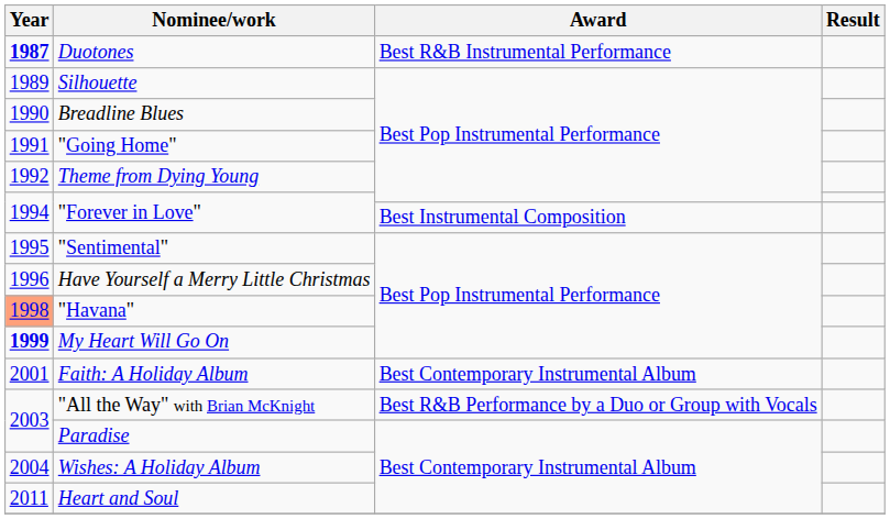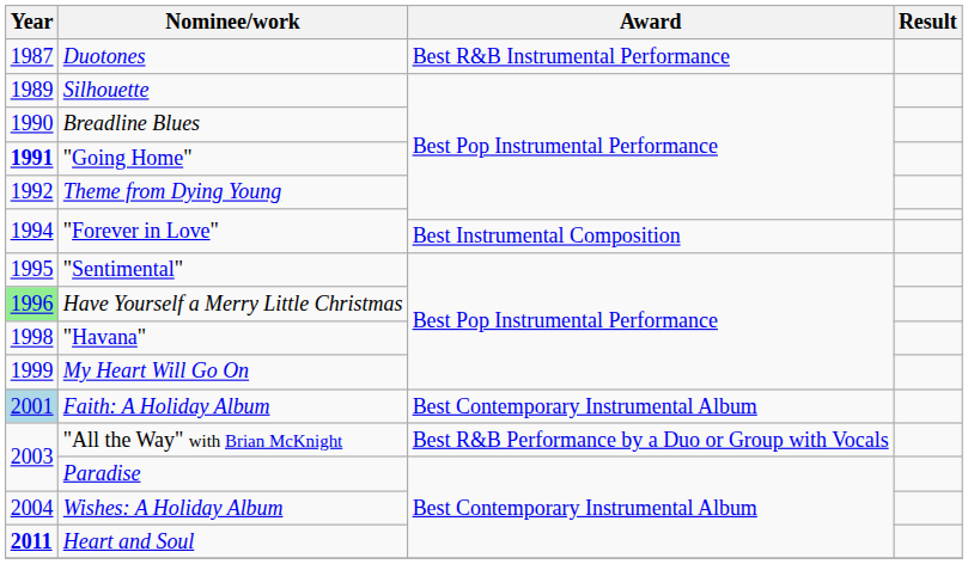 <table class="wikitable">
 <tr>
 <th>Year</th>
 <th>Nominee/work</th>
 <th>Award</th>
 <th>Result</th>
 </tr>
 <tr>
-<td><strong><a href='#'>1987</a></strong></td>
+<td><a href='#'>1987</a></td>
 <td><em><a href='#'>Duotones</a></em></td>
 <td><a href='#'>Best R&B Instrumental Performance</a></td>
 <td></td>
 </tr>
 <tr>
 <td><a href='#'>1989</a></td>
 <td><em><a href='#'>Silhouette</a></em></td>
 <td rowspan="5"><a href='#'>Best Pop Instrumental Performance</a></td>
 <td></td>
 </tr>
 <tr>
 <td><a href='#'>1990</a></td>
 <td><em>Breadline Blues</em></td>
 <td></td>
 </tr>
 <tr>
-<td><a href='#'>1991</a></td>
+<td><strong><a href='#'>1991</a></strong></td>
 <td>"<a href='#'>Going Home</a>"</td>
 <td></td>
 </tr>
 <tr>
 <td><a href='#'>1992</a></td>
 <td><em><a href='#'>Theme from Dying Young</a></em></td>
 <td></td>
 </tr>
 <tr>
 <td rowspan="2"><a href='#'>1994</a></td>
 <td rowspan="2">"<a href='#'>Forever in Love</a>"</td>
 <td></td>
 </tr>
 <tr>
 <td><a href='#'>Best Instrumental Composition</a></td>
 <td></td>
 </tr>
 <tr>
 <td><a href='#'>1995</a></td>
 <td>"<a href='#'>Sentimental</a>"</td>
 <td rowspan="4"><a href='#'>Best Pop Instrumental Performance</a></td>
 <td></td>
 </tr>
 <tr>
-<td><a href='#'>1996</a></td>
+<td style="background: lightgreen;"><a href='#'>1996</a></td>
 <td><em>Have Yourself a Merry Little Christmas</em></td>
 <td></td>
 </tr>
 <tr>
-<td style="background: lightsalmon;"><a href='#'>1998</a></td>
+<td><a href='#'>1998</a></td>
 <td>"<a href='#'>Havana</a>"</td>
 <td></td>
 </tr>
 <tr>
-<td><strong><a href='#'>1999</a></strong></td>
+<td><a href='#'>1999</a></td>
 <td><em><a href='#'>My Heart Will Go On</a></em></td>
 <td></td>
 </tr>
 <tr>
-<td><a href='#'>2001</a></td>
+<td style="background: lightblue;"><a href='#'>2001</a></td>
 <td><em><a href='#'>Faith: A Holiday Album</a></em></td>
 <td><a href='#'>Best Contemporary Instrumental Album</a></td>
 <td></td>
 </tr>
 <tr>
 <td rowspan="2"><a href='#'>2003</a></td>
 <td>"All the Way" <small>with <a href='#'>Brian McKnight</a></small></td>
 <td><a href='#'>Best R&B Performance by a Duo or Group with Vocals</a></td>
 <td></td>
 </tr>
 <tr>
 <td><em><a href='#'>Paradise</a></em></td>
 <td rowspan="3"><a href='#'>Best Contemporary Instrumental Album</a></td>
 <td></td>
 </tr>
 <tr>
 <td><a href='#'>2004</a></td>
 <td><em><a href='#'>Wishes: A Holiday Album</a></em></td>
 <td></td>
 </tr>
 <tr>
-<td><a href='#'>2011</a></td>
+<td><strong><a href='#'>2011</a></strong></td>
 <td><em><a href='#'>Heart and Soul</a></em></td>
 <td></td>
 </tr>
 <tr>
 </tr>
 </table>
